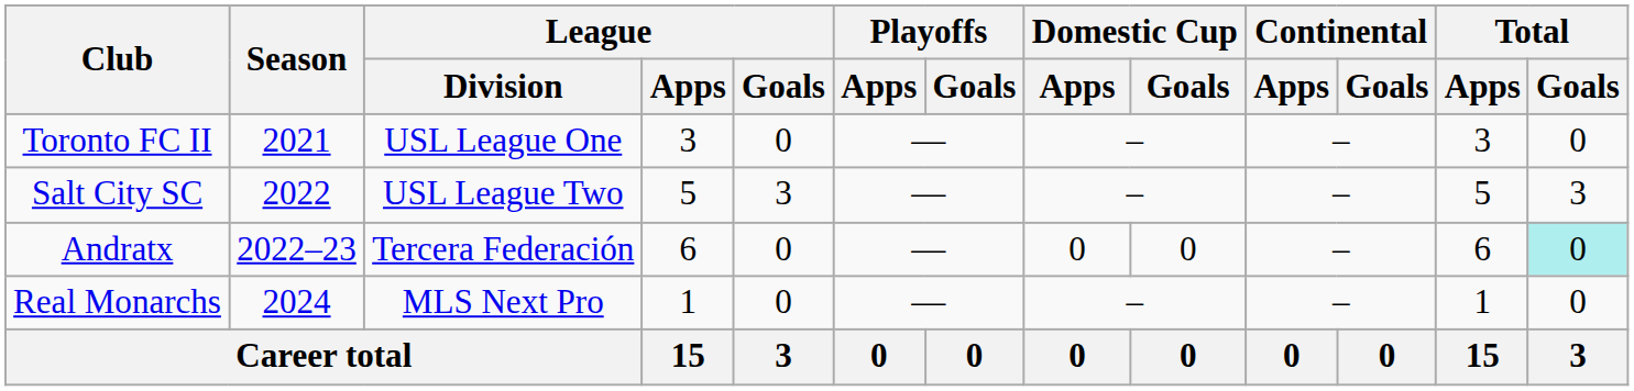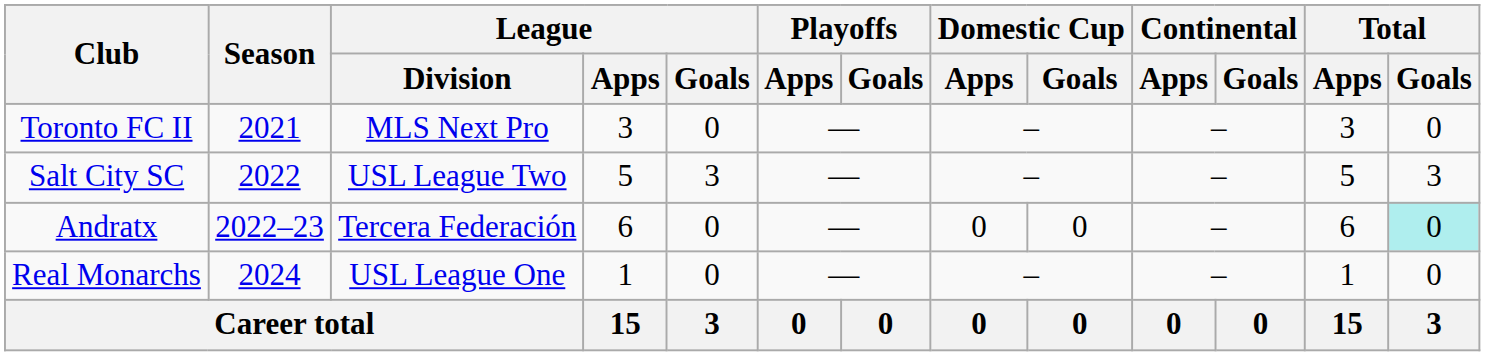 <table class="wikitable" style="text-align: center">
 <tr>
 <th rowspan="2">Club</th>
 <th rowspan="2">Season</th>
 <th colspan="3">League</th>
 <th colspan="2">Playoffs</th>
 <th colspan="2">Domestic Cup</th>
 <th colspan="2">Continental</th>
 <th colspan="2">Total</th>
 </tr>
 <tr>
 <th>Division</th>
 <th>Apps</th>
 <th>Goals</th>
 <th>Apps</th>
 <th>Goals</th>
 <th>Apps</th>
 <th>Goals</th>
 <th>Apps</th>
 <th>Goals</th>
 <th>Apps</th>
 <th>Goals</th>
 </tr>
 <tr>
 <td><a href='#'>Toronto FC II</a></td>
 <td><a href='#'>2021</a></td>
-<td><a href='#'>USL League One</a></td>
+<td><a href='#'>MLS Next Pro</a></td>
 <td>3</td>
 <td>0</td>
 <td colspan=2>—</td>
 <td colspan="2">–</td>
 <td colspan="2">–</td>
 <td>3</td>
 <td>0</td>
 </tr>
 <tr>
 <td><a href='#'>Salt City SC</a></td>
 <td><a href='#'>2022</a></td>
 <td><a href='#'>USL League Two</a></td>
 <td>5</td>
 <td>3</td>
 <td colspan=2>—</td>
 <td colspan="2">–</td>
 <td colspan="2">–</td>
 <td>5</td>
 <td>3</td>
 </tr>
 <tr>
 <td><a href='#'>Andratx</a></td>
 <td><a href='#'>2022–23</a></td>
 <td><a href='#'>Tercera Federación</a></td>
 <td>6</td>
 <td>0</td>
 <td colspan=2>—</td>
 <td>0</td>
 <td>0</td>
 <td colspan="2">–</td>
 <td>6</td>
 <td style="background: paleturquoise;">0</td>
 </tr>
 <tr>
 <td><a href='#'>Real Monarchs</a></td>
 <td><a href='#'>2024</a></td>
-<td><a href='#'>MLS Next Pro</a></td>
+<td><a href='#'>USL League One</a></td>
 <td>1</td>
 <td>0</td>
 <td colspan=2>—</td>
 <td colspan="2">–</td>
 <td colspan="2">–</td>
 <td>1</td>
 <td>0</td>
 </tr>
 <tr>
 <th colspan="3"><strong>Career total</strong></th>
 <th>15</th>
 <th>3</th>
 <th>0</th>
 <th>0</th>
 <th>0</th>
 <th>0</th>
 <th>0</th>
 <th>0</th>
 <th>15</th>
 <th>3</th>
 </tr>
 </table>
